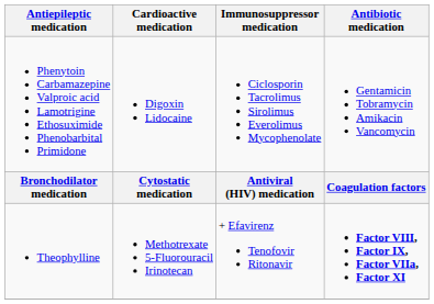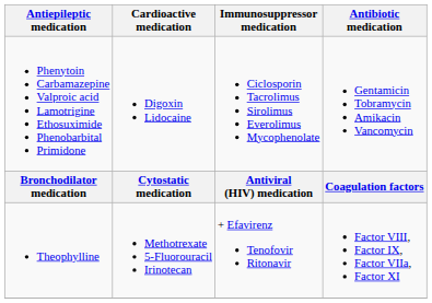 <table class="wikitable floatright">
 <tr>
 <th><a href='#'>Antiepileptic</a><br>medication</th>
 <th>Cardioactive<br>medication</th>
 <th>Immunosuppressor<br>medication</th>
 <th><a href='#'>Antibiotic</a><br>medication</th>
 </tr>
 <tr>
 <td><br><ul><li><a href='#'>Phenytoin</a></li><li><a href='#'>Carbamazepine</a></li><li><a href='#'>Valproic acid</a></li><li><a href='#'>Lamotrigine</a></li><li><a href='#'>Ethosuximide</a></li><li><a href='#'>Phenobarbital</a></li><li><a href='#'>Primidone</a></li></ul></td>
 <td><br><ul><li><a href='#'>Digoxin</a></li><li><a href='#'>Lidocaine</a></li></ul></td>
 <td><br><ul><li><a href='#'>Ciclosporin</a></li><li><a href='#'>Tacrolimus</a></li><li><a href='#'>Sirolimus</a></li><li><a href='#'>Everolimus</a></li><li><a href='#'>Mycophenolate</a></li></ul></td>
 <td><br><ul><li><a href='#'>Gentamicin</a></li><li><a href='#'>Tobramycin</a></li><li><a href='#'>Amikacin</a></li><li><a href='#'>Vancomycin</a></li></ul></td>
 </tr>
 <tr>
 <th><a href='#'>Bronchodilator</a><br>medication</th>
 <th><a href='#'>Cytostatic</a><br>medication</th>
 <th><a href='#'>Antiviral</a><br>(HIV) medication</th>
 <th><a href='#'>Coagulation factors</a></th>
 </tr>
 <tr>
 <td><br><ul><li><a href='#'>Theophylline</a></li></ul></td>
 <td><br><ul><li><a href='#'>Methotrexate</a></li><li><a href='#'>5-Fluorouracil</a></li><li><a href='#'>Irinotecan</a></li></ul></td>
 <td>+ <a href='#'>Efavirenz</a><br><ul><li><a href='#'>Tenofovir</a></li><li><a href='#'>Ritonavir</a></li></ul></td>
-<td><strong><br><ul><li><a href='#'>Factor VIII</a>,</li><li><a href='#'>Factor IX</a>,</li><li><a href='#'>Factor VIIa</a>,</li><li><a href='#'>Factor XI</a></li></ul></strong></td>
+<td><br><ul><li><a href='#'>Factor VIII</a>,</li><li><a href='#'>Factor IX</a>,</li><li><a href='#'>Factor VIIa</a>,</li><li><a href='#'>Factor XI</a></li></ul></td>
 </tr>
 <tr>
 </tr>
 </table>
